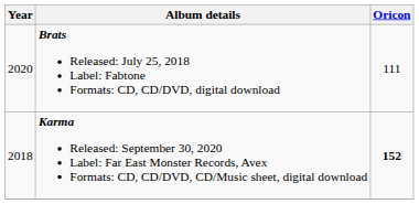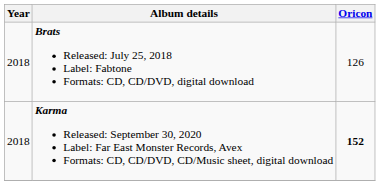 <table class="wikitable">
 <tr>
 <th>Year</th>
 <th>Album details</th>
 <th><a href='#'>Oricon</a></th>
 </tr>
 <tr>
-<td>2020</td>
+<td>2018</td>
 <td><strong><em>Brats</em></strong><br><ul><li>Released: July 25, 2018</li><li>Label: Fabtone</li><li>Formats: CD, CD/DVD, digital download</li></ul></td>
-<td align="center">111</td>
+<td align="center">126</td>
 </tr>
 <tr>
 <td>2018</td>
 <td><strong><em>Karma</em></strong><br><ul><li>Released: September 30, 2020</li><li>Label: Far East Monster Records, Avex</li><li>Formats: CD, CD/DVD, CD/Music sheet,  digital download</li></ul></td>
 <td align="center"><strong>152</strong></td>
 </tr>
 <tr>
 </tr>
 </table>
